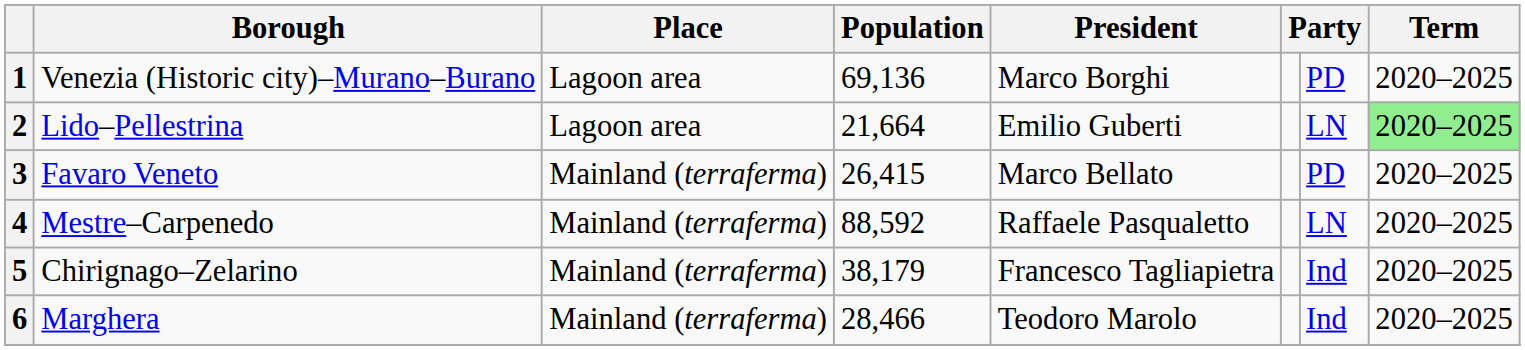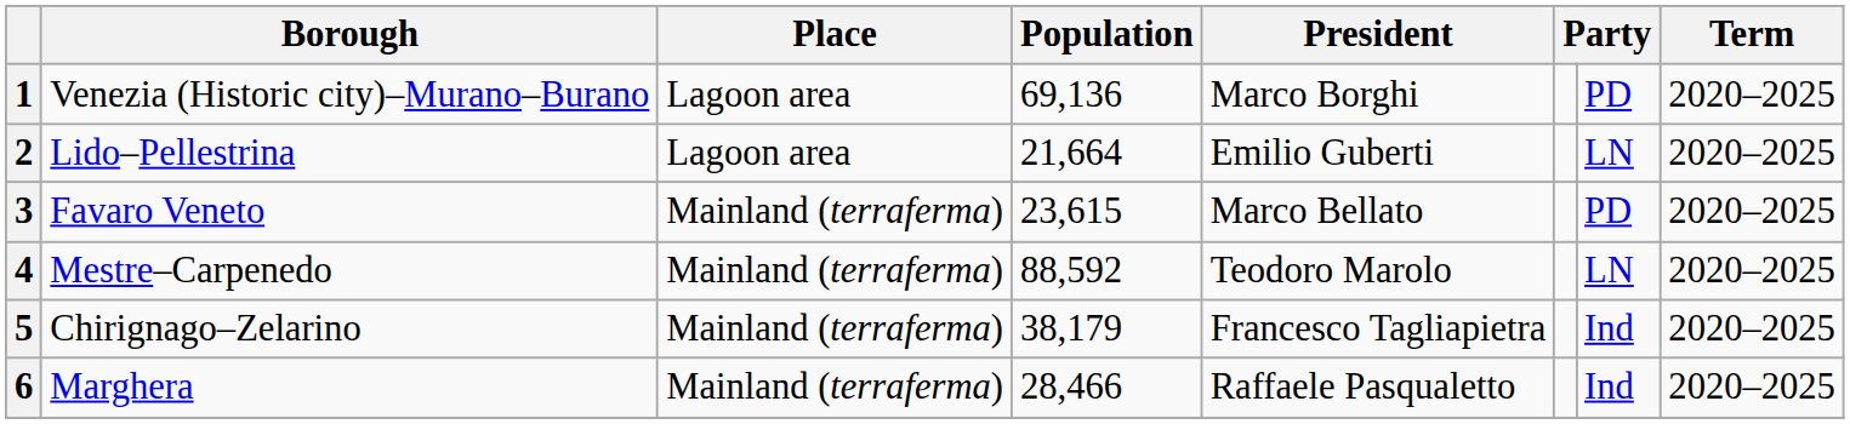 <table class="wikitable sortable">
 <tr>
 <th></th>
 <th>Borough</th>
 <th>Place</th>
 <th>Population</th>
 <th>President</th>
 <th colspan="2">Party</th>
 <th>Term</th>
 </tr>
 <tr>
 <th>1</th>
 <td>Venezia (Historic city)–<a href='#'>Murano</a>–<a href='#'>Burano</a></td>
 <td>Lagoon area</td>
 <td>69,136</td>
 <td>Marco Borghi</td>
 <td style="background-color: "></td>
 <td><a href='#'>PD</a></td>
 <td>2020–2025</td>
 </tr>
 <tr>
 <th>2</th>
 <td><a href='#'>Lido</a>–<a href='#'>Pellestrina</a></td>
 <td>Lagoon area</td>
 <td>21,664</td>
 <td>Emilio Guberti</td>
 <td style="background-color: "></td>
 <td><a href='#'>LN</a></td>
-<td style="background: lightgreen;">2020–2025</td>
+<td>2020–2025</td>
 </tr>
 <tr>
 <th>3</th>
 <td><a href='#'>Favaro Veneto</a></td>
 <td>Mainland (<em>terraferma</em>)</td>
-<td>26,415</td>
+<td>23,615</td>
 <td>Marco Bellato</td>
 <td style="background-color: "></td>
 <td><a href='#'>PD</a></td>
 <td>2020–2025</td>
 </tr>
 <tr>
 <th>4</th>
 <td><a href='#'>Mestre</a>–Carpenedo</td>
 <td>Mainland (<em>terraferma</em>)</td>
 <td>88,592</td>
-<td>Raffaele Pasqualetto</td>
+<td>Teodoro Marolo</td>
 <td style="background-color: "></td>
 <td><a href='#'>LN</a></td>
 <td>2020–2025</td>
 </tr>
 <tr>
 <th>5</th>
 <td>Chirignago–Zelarino</td>
 <td>Mainland (<em>terraferma</em>)</td>
 <td>38,179</td>
 <td>Francesco Tagliapietra</td>
 <td style="background-color: "></td>
 <td><a href='#'>Ind</a></td>
 <td>2020–2025</td>
 </tr>
 <tr>
 <th>6</th>
 <td><a href='#'>Marghera</a></td>
 <td>Mainland (<em>terraferma</em>)</td>
 <td>28,466</td>
-<td>Teodoro Marolo</td>
+<td>Raffaele Pasqualetto</td>
 <td style="background-color: "></td>
 <td><a href='#'>Ind</a></td>
 <td>2020–2025</td>
 </tr>
 <tr>
 </tr>
 </table>
